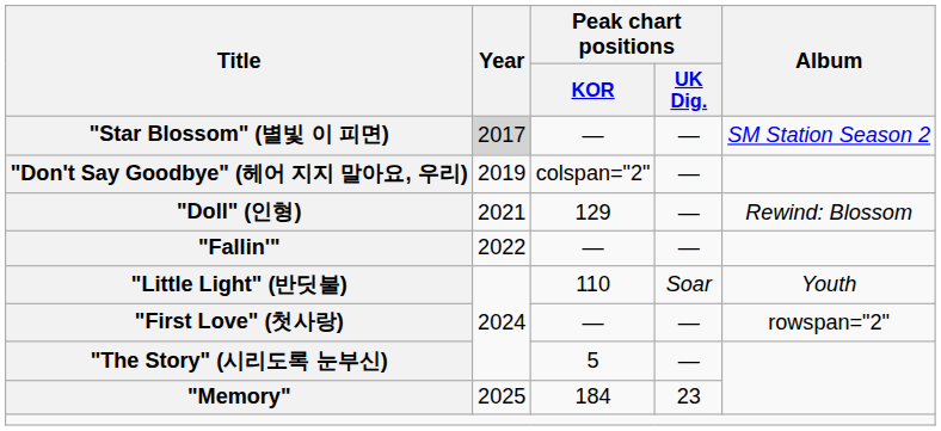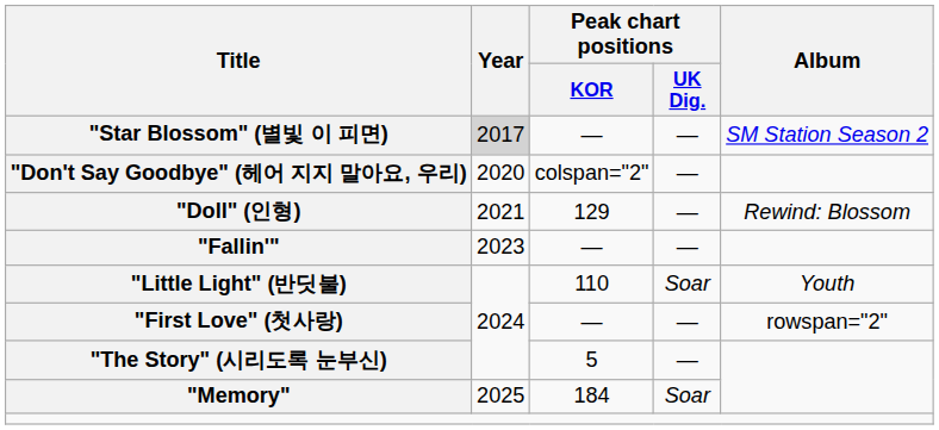 <table class="wikitable plainrowheaders" style="text-align:center;" border="1">
 <tr>
 <th scope="col" rowspan="2">Title</th>
 <th scope="col" rowspan="2">Year</th>
 <th scope="col" colspan="2">Peak chart positions</th>
 <th scope="col" rowspan="2">Album</th>
 </tr>
 <tr>
 <th scope="col" style="width:3em;font-size:90%;"><a href='#'>KOR</a><br></th>
 <th scope="col" style="width:3em;font-size:90%;"><a href='#'>UK Dig.</a><br></th>
 </tr>
 <tr>
 <th scope="row">"Star Blossom" (별빛 이 피면)<br></th>
 <td style="background: lightgrey;">2017</td>
 <td>—</td>
 <td>—</td>
 <td><em><a href='#'>SM Station Season 2</a></em></td>
 </tr>
 <tr>
 <th scope="row">"Don't Say Goodbye" (헤어 지지 말아요, 우리)<br></th>
-<td>2019</td>
+<td>2020</td>
 <td>colspan="2" </td>
 <td>—</td>
 <td></td>
 </tr>
 <tr>
 <th scope="row">"Doll" (인형)<br></th>
 <td>2021</td>
 <td>129</td>
 <td>—</td>
 <td><em>Rewind: Blossom</em></td>
 </tr>
 <tr>
 <th scope="row">"Fallin'"<br></th>
-<td>2022</td>
+<td>2023</td>
 <td>—</td>
 <td>—</td>
 <td></td>
 </tr>
 <tr>
 <th scope="row">"Little Light" (반딧불)</th>
 <td rowspan="3">2024</td>
 <td>110</td>
 <td><em>Soar</em></td>
 <td><em>Youth</em></td>
 </tr>
 <tr>
 <th scope="row">"First Love" (첫사랑)</th>
 <td>—</td>
 <td>—</td>
 <td>rowspan="2" </td>
 </tr>
 <tr>
 <th scope="row">"The Story" (시리도록 눈부신)</th>
 <td>5</td>
 <td>—</td>
 </tr>
 <tr>
 <th scope="row">"Memory"</th>
 <td rowspan="1">2025</td>
 <td>184</td>
-<td>23</td>
+<td><em>Soar</em></td>
 </tr>
 <tr>
 <td colspan="6"></td>
 </tr>
 </table>
